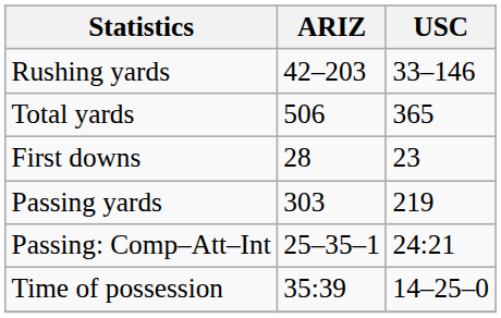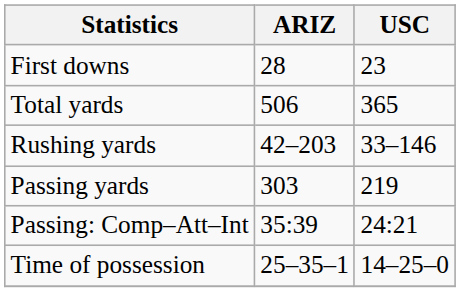 <table class="wikitable" style="float: left;">
 <tr>
 <th>Statistics</th>
 <th>ARIZ</th>
 <th>USC</th>
 </tr>
 <tr>
-<td>Rushing yards</td>
-<td>42–203</td>
-<td>33–146</td>
+<td>First downs</td>
+<td>28</td>
+<td>23</td>
 </tr>
 <tr>
 <td>Total yards</td>
 <td>506</td>
 <td>365</td>
 </tr>
 <tr>
-<td>First downs</td>
-<td>28</td>
-<td>23</td>
+<td>Rushing yards</td>
+<td>42–203</td>
+<td>33–146</td>
 </tr>
 <tr>
 <td>Passing yards</td>
 <td>303</td>
 <td>219</td>
 </tr>
 <tr>
 <td>Passing: Comp–Att–Int</td>
-<td>25–35–1</td>
+<td>35:39</td>
 <td>24:21</td>
 </tr>
 <tr>
 <td>Time of possession</td>
-<td>35:39</td>
+<td>25–35–1</td>
 <td>14–25–0</td>
 </tr>
 <tr>
 </tr>
 </table>
